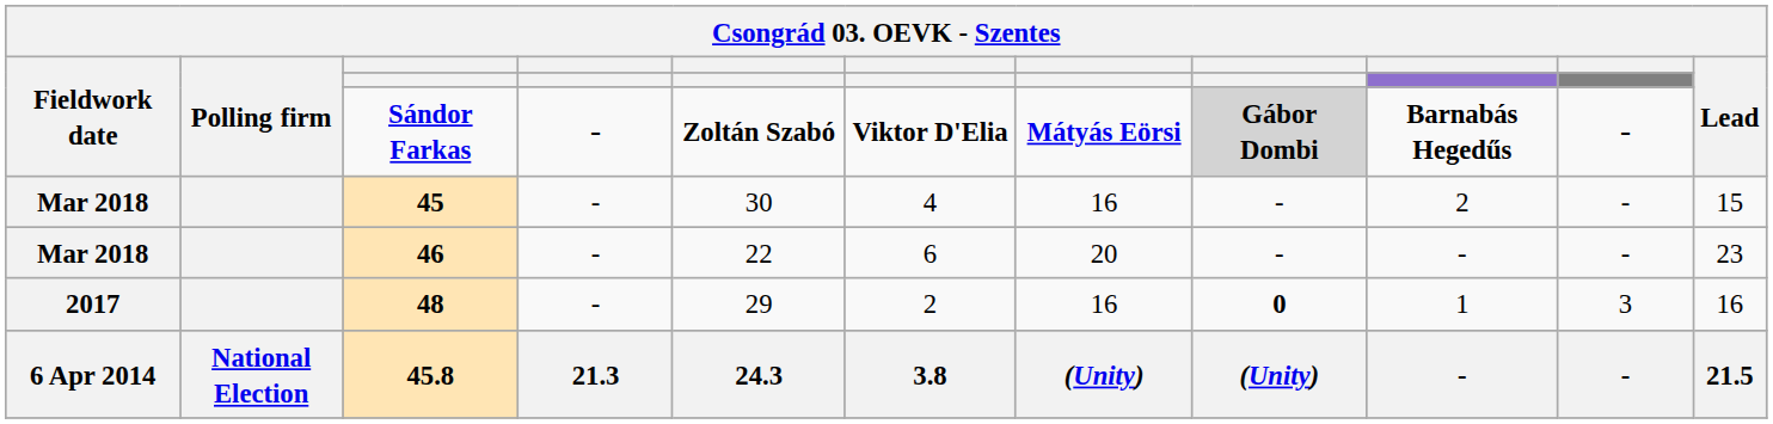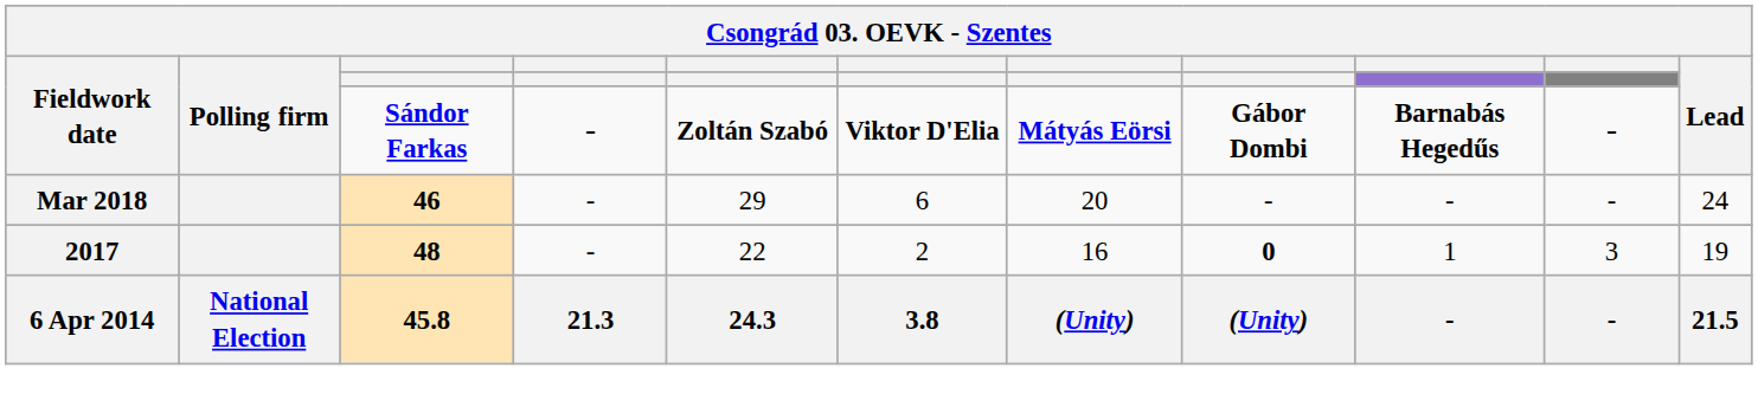 <table class="wikitable mw-collapsible mw-collapsed" style="text-align:center">
 <tr>
 <th colspan="11" style="width: 980pt;"><small><a href='#'>Csongrád</a>  03. OEVK - <a href='#'>Szentes</a></small></th>
 </tr>
 <tr>
 <th rowspan="3" style="width: 80pt;"><small>Fieldwork</small> <small>date</small></th>
 <th rowspan="3" style="width: 80pt;"><strong><small>Polling</small> <small>firm</small></strong></th>
 <th style="width: 100pt;"><small></small></th>
 <th style="width: 100pt;"><small> </small></th>
 <th style="width: 100pt;"></th>
 <th style="width: 100pt;"></th>
 <th style="width: 100pt;"></th>
 <th style="width: 100pt;"></th>
 <th style="width: 100pt;"></th>
 <th style="width: 100pt;"></th>
 <th rowspan="3" style="width: 20pt;"><small>Lead</small></th>
 </tr>
 <tr>
 <th style="color:inherit;background:"></th>
 <th style="color:inherit;background:"></th>
 <th style="color:inherit;background:"></th>
 <th style="color:inherit;background:"></th>
 <th style="color:inherit;background:"></th>
 <th style="color:inherit;background:"></th>
 <th style="color:inherit;background:#8E6FCE;"></th>
 <th style="color:inherit;background:#808080;"></th>
 </tr>
 <tr>
 <td><a href='#'><strong><small>Sándor Farkas</small></strong></a></td>
 <td>-</td>
 <td><strong><small>Zoltán Szabó</small></strong></td>
 <td><strong><small>Viktor D'Elia</small></strong></td>
 <td><a href='#'><strong><small>Mátyás Eörsi</small></strong></a></td>
-<td style="background: lightgrey;"><strong><small>Gábor Dombi</small></strong></td>
+<td><strong><small>Gábor Dombi</small></strong></td>
 <td><strong><small>Barnabás Hegedűs</small></strong></td>
 <td>-</td>
-</tr>
-<tr>
-<th><small>Mar 2018</small></th>
-<th></th>
-<td style="background:#FFE5B4"><small><strong>45</strong></small></td>
-<td><small>-</small></td>
-<td><small>30</small></td>
-<td><small>4</small></td>
-<td><small>16</small></td>
-<td><small>-</small></td>
-<td><small>2</small></td>
-<td><small>-</small></td>
-<td style="background:"><small>15</small></td>
 </tr>
 <tr>
 <th><small>Mar 2018</small></th>
 <th><small></small></th>
 <td style="background:#FFE5B4"><strong><small>46</small></strong></td>
 <td><small>-</small></td>
-<td><small>22</small></td>
+<td><small>29</small></td>
 <td><small>6</small></td>
 <td><small>20</small></td>
 <td><small>-</small></td>
 <td><small>-</small></td>
 <td><small>-</small></td>
-<td style="background:"><small>23</small></td>
+<td style="background:"><small>24</small></td>
 </tr>
 <tr>
 <th><small>2017</small></th>
 <th><small></small></th>
 <td style="background:#FFE5B4"><strong><small>48</small></strong></td>
 <td><small>-</small></td>
-<td><small>29</small></td>
+<td><small>22</small></td>
 <td><small>2</small></td>
 <td><small>16</small></td>
 <td><strong><small>0</small></strong></td>
 <td><small>1</small></td>
 <td><small>3</small></td>
-<td style="background:"><small>16</small></td>
+<td style="background:"><small>19</small></td>
 </tr>
 <tr>
 <th><small>6 Apr 2014</small></th>
 <th><a href='#'><small>National Election</small></a></th>
 <th style="background:#FFE5B4"><small>45.8</small></th>
 <th><small>21.3</small></th>
 <th><small>24.3</small></th>
 <th><small>3.8</small></th>
 <th><small><em>(<a href='#'>Unity</a>)</em></small></th>
 <th><small><em>(<a href='#'>Unity</a>)</em></small></th>
 <th><small>-</small></th>
 <th><small>-</small></th>
 <th style="background:"><small>21.5</small></th>
 </tr>
 </table>
